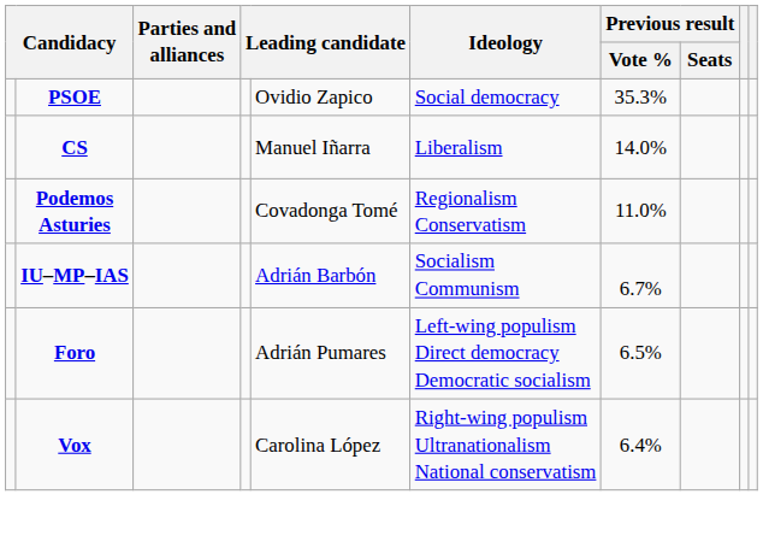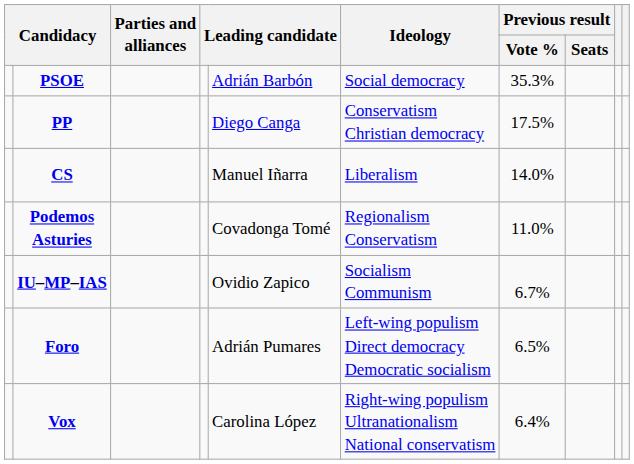 <table class="wikitable" style="line-height:1.35em; text-align:left;">
 <tr>
 <th colspan="2" rowspan="2">Candidacy</th>
 <th rowspan="2">Parties and<br>alliances</th>
 <th colspan="2" rowspan="2">Leading candidate</th>
 <th rowspan="2">Ideology</th>
 <th colspan="2">Previous result</th>
 <th rowspan="2"></th>
 <th rowspan="2"></th>
 </tr>
 <tr>
 <th>Vote %</th>
 <th>Seats</th>
 </tr>
 <tr>
 <td width="1" style="color:inherit;background:"></td>
 <td align="center"><strong><a href='#'>PSOE</a></strong></td>
 <td></td>
 <td></td>
-<td>Ovidio Zapico</td>
+<td><a href='#'>Adrián Barbón</a></td>
 <td><a href='#'>Social democracy</a></td>
 <td align="center">35.3%</td>
+<td></td>
+<td></td>
+<td></td>
+</tr>
+<tr>
+<td style="color:inherit;background:"></td>
+<td align="center"><strong><a href='#'>PP</a></strong></td>
+<td></td>
+<td></td>
+<td><a href='#'>Diego Canga</a></td>
+<td><a href='#'>Conservatism</a><br><a href='#'>Christian democracy</a></td>
+<td align="center">17.5%</td>
 <td></td>
 <td></td>
 <td></td>
 </tr>
 <tr>
 <td style="color:inherit;background:"></td>
 <td align="center"><strong><a href='#'>CS</a></strong></td>
 <td></td>
 <td></td>
 <td>Manuel Iñarra</td>
 <td><a href='#'>Liberalism</a></td>
 <td align="center">14.0%</td>
 <td></td>
 <td></td>
 <td><br><br></td>
 </tr>
 <tr>
 <td style="color:inherit;background:"></td>
 <td align="center"><strong><a href='#'>Podemos<br>Asturies</a></strong></td>
 <td></td>
 <td></td>
 <td>Covadonga Tomé</td>
 <td><a href='#'>Regionalism</a><br><a href='#'>Conservatism</a></td>
 <td align="center">11.0%</td>
 <td></td>
 <td></td>
 <td></td>
 </tr>
 <tr>
 <td style="color:inherit;background:"></td>
 <td align="center"><strong><a href='#'>IU</a>–<a href='#'>MP</a>–<a href='#'>IAS</a></strong></td>
 <td></td>
 <td></td>
-<td><a href='#'>Adrián Barbón</a></td>
+<td>Ovidio Zapico</td>
 <td><a href='#'>Socialism</a><br><a href='#'>Communism</a></td>
 <td align="center"><br>6.7%<br></td>
 <td></td>
 <td></td>
 <td><br></td>
 </tr>
 <tr>
 <td style="color:inherit;background:"></td>
 <td align="center"><strong><a href='#'>Foro</a></strong></td>
 <td></td>
 <td></td>
 <td>Adrián Pumares</td>
 <td><a href='#'>Left-wing populism</a><br><a href='#'>Direct democracy</a><br><a href='#'>Democratic socialism</a></td>
 <td align="center">6.5%</td>
 <td></td>
 <td></td>
 <td></td>
 </tr>
 <tr>
 <td style="color:inherit;background:"></td>
 <td align="center"><strong><a href='#'>Vox</a></strong></td>
 <td></td>
 <td></td>
 <td>Carolina López</td>
 <td><a href='#'>Right-wing populism</a><br><a href='#'>Ultranationalism</a><br><a href='#'>National conservatism</a></td>
 <td align="center">6.4%</td>
 <td></td>
 <td></td>
 <td><br></td>
 </tr>
 </table>
